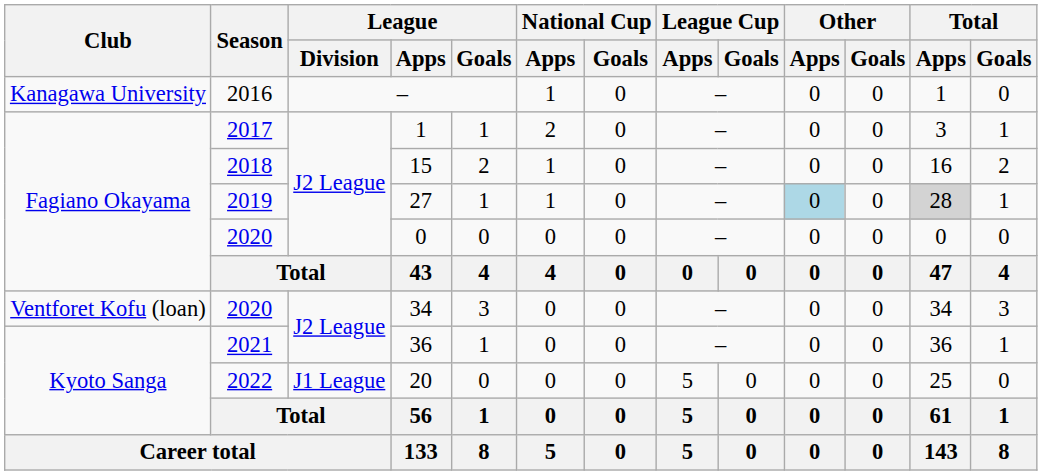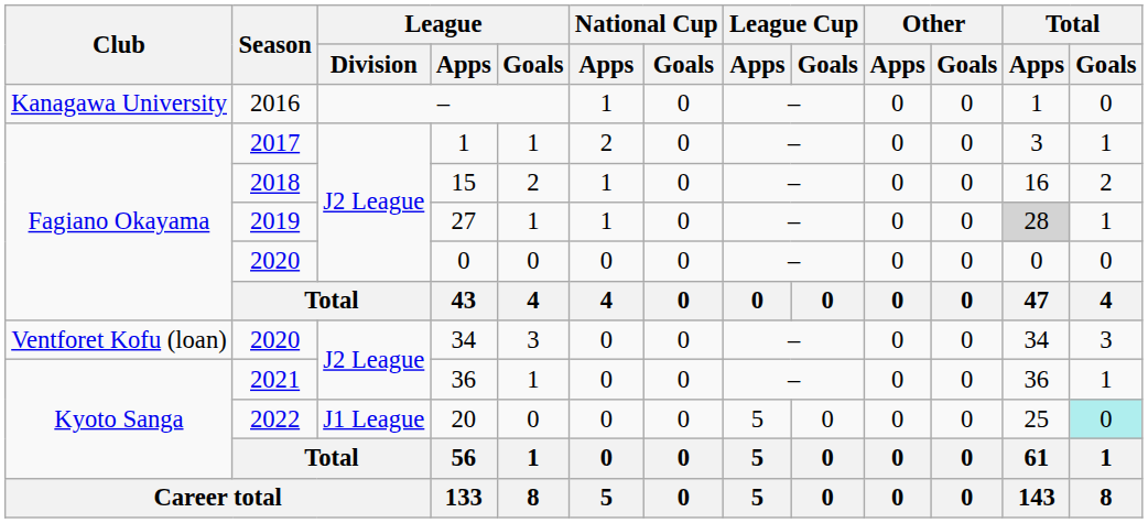 <table class="wikitable" style="text-align: center">
 <tr>
 <th rowspan="2">Club</th>
 <th rowspan="2">Season</th>
 <th colspan="3">League</th>
 <th colspan="2">National Cup</th>
 <th colspan="2">League Cup</th>
 <th colspan="2">Other</th>
 <th colspan="2">Total</th>
 </tr>
 <tr>
 <th>Division</th>
 <th>Apps</th>
 <th>Goals</th>
 <th>Apps</th>
 <th>Goals</th>
 <th>Apps</th>
 <th>Goals</th>
 <th>Apps</th>
 <th>Goals</th>
 <th>Apps</th>
 <th>Goals</th>
 </tr>
 <tr>
 <td><a href='#'>Kanagawa University</a></td>
 <td>2016</td>
 <td colspan="3">–</td>
 <td>1</td>
 <td>0</td>
 <td colspan="2">–</td>
 <td>0</td>
 <td>0</td>
 <td>1</td>
 <td>0</td>
 </tr>
 <tr>
 <td rowspan="5"><a href='#'>Fagiano Okayama</a></td>
 <td><a href='#'>2017</a></td>
 <td rowspan="4"><a href='#'>J2 League</a></td>
 <td>1</td>
 <td>1</td>
 <td>2</td>
 <td>0</td>
 <td colspan="2">–</td>
 <td>0</td>
 <td>0</td>
 <td>3</td>
 <td>1</td>
 </tr>
 <tr>
 <td><a href='#'>2018</a></td>
 <td>15</td>
 <td>2</td>
 <td>1</td>
 <td>0</td>
 <td colspan="2">–</td>
 <td>0</td>
 <td>0</td>
 <td>16</td>
 <td>2</td>
 </tr>
 <tr>
 <td><a href='#'>2019</a></td>
 <td>27</td>
 <td>1</td>
 <td>1</td>
 <td>0</td>
 <td colspan="2">–</td>
-<td style="background: lightblue;">0</td>
+<td>0</td>
 <td>0</td>
 <td style="background: lightgrey;">28</td>
 <td>1</td>
 </tr>
 <tr>
 <td><a href='#'>2020</a></td>
 <td>0</td>
 <td>0</td>
 <td>0</td>
 <td>0</td>
 <td colspan="2">–</td>
 <td>0</td>
 <td>0</td>
 <td>0</td>
 <td>0</td>
 </tr>
 <tr>
 <th colspan=2>Total</th>
 <th>43</th>
 <th>4</th>
 <th>4</th>
 <th>0</th>
 <th>0</th>
 <th>0</th>
 <th>0</th>
 <th>0</th>
 <th>47</th>
 <th>4</th>
 </tr>
 <tr>
 <td><a href='#'>Ventforet Kofu</a> (loan)</td>
 <td><a href='#'>2020</a></td>
 <td rowspan="2"><a href='#'>J2 League</a></td>
 <td>34</td>
 <td>3</td>
 <td>0</td>
 <td>0</td>
 <td colspan="2">–</td>
 <td>0</td>
 <td>0</td>
 <td>34</td>
 <td>3</td>
 </tr>
 <tr>
 <td rowspan="3"><a href='#'>Kyoto Sanga</a></td>
 <td><a href='#'>2021</a></td>
 <td>36</td>
 <td>1</td>
 <td>0</td>
 <td>0</td>
 <td colspan="2">–</td>
 <td>0</td>
 <td>0</td>
 <td>36</td>
 <td>1</td>
 </tr>
 <tr>
 <td><a href='#'>2022</a></td>
 <td><a href='#'>J1 League</a></td>
 <td>20</td>
 <td>0</td>
 <td>0</td>
 <td>0</td>
 <td>5</td>
 <td>0</td>
 <td>0</td>
 <td>0</td>
 <td>25</td>
-<td>0</td>
+<td style="background: paleturquoise;">0</td>
 </tr>
 <tr>
 <th colspan="2">Total</th>
 <th>56</th>
 <th>1</th>
 <th>0</th>
 <th>0</th>
 <th>5</th>
 <th>0</th>
 <th>0</th>
 <th>0</th>
 <th>61</th>
 <th>1</th>
 </tr>
 <tr>
 <th colspan="3">Career total</th>
 <th>133</th>
 <th>8</th>
 <th>5</th>
 <th>0</th>
 <th>5</th>
 <th>0</th>
 <th>0</th>
 <th>0</th>
 <th>143</th>
 <th>8</th>
 </tr>
 </table>
